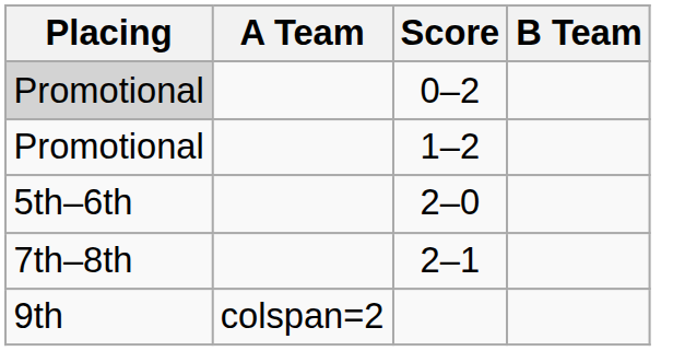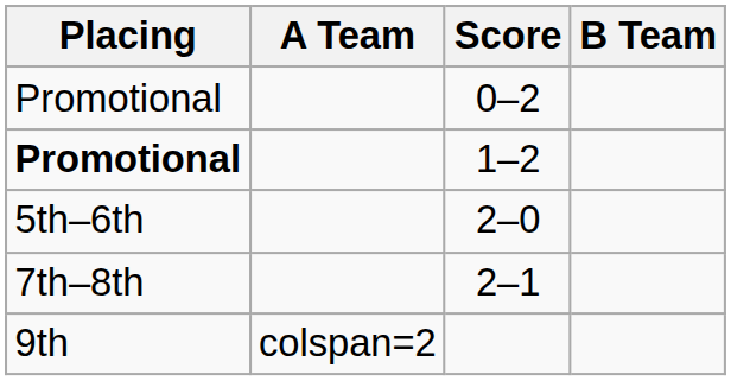 <table class=wikitable style="border:1px solid #AAAAAA;">
 <tr>
 <th>Placing</th>
 <th>A Team</th>
 <th>Score</th>
 <th>B Team</th>
 </tr>
 <tr>
-<td style="background: lightgrey;">Promotional</td>
+<td>Promotional</td>
 <td></td>
 <td align="center">0–2</td>
 <td><strong></strong></td>
 </tr>
 <tr>
-<td>Promotional</td>
+<td><strong>Promotional</strong></td>
 <td></td>
 <td align="center">1–2</td>
 <td><strong></strong></td>
 </tr>
 <tr>
 <td>5th–6th</td>
 <td><strong></strong></td>
 <td align="center">2–0</td>
 <td></td>
 </tr>
 <tr>
 <td>7th–8th</td>
 <td><strong></strong></td>
 <td align="center">2–1</td>
 <td></td>
 </tr>
 <tr>
 <td>9th</td>
 <td>colspan=2 </td>
 <td></td>
 </tr>
 </table>
